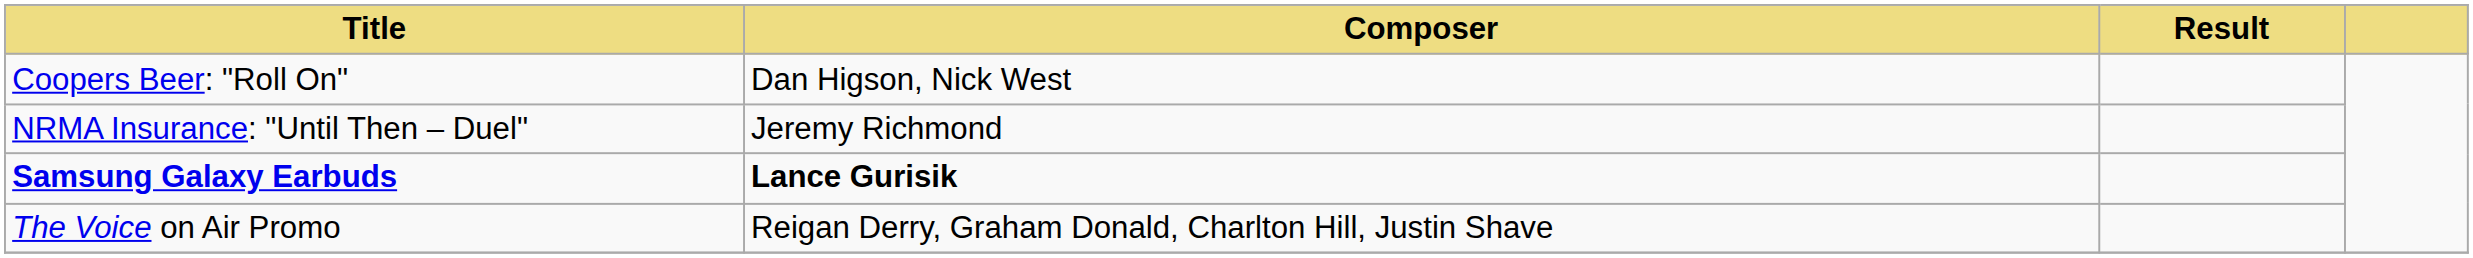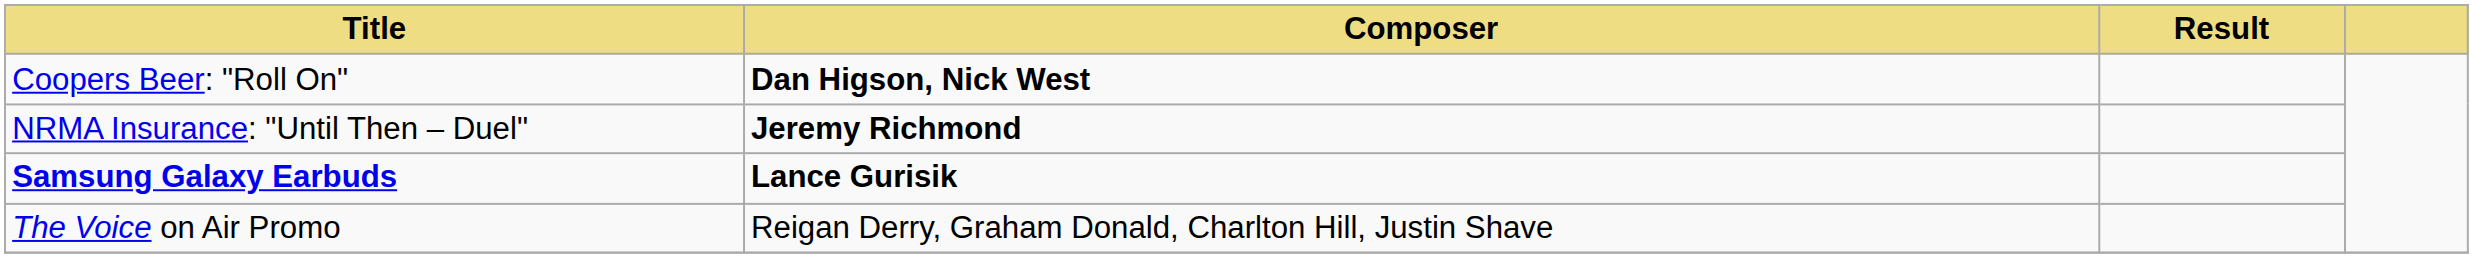 <table class="wikitable" width=100%>
 <tr>
 <th style="width:30%;background:#EEDD82;">Title</th>
 <th style="width:55%;background:#EEDD82;">Composer</th>
 <th style="width:10%;background:#EEDD82;">Result</th>
 <th style="width:5%;background:#EEDD82;"></th>
 </tr>
 <tr>
 <td><a href='#'>Coopers Beer</a>: "Roll On"</td>
-<td>Dan Higson, Nick West</td>
+<td><strong>Dan Higson, Nick West</strong></td>
 <td></td>
 <td rowspan="4"><br></td>
 </tr>
 <tr>
 <td><a href='#'>NRMA Insurance</a>: "Until Then – Duel"</td>
-<td>Jeremy Richmond</td>
+<td><strong>Jeremy Richmond</strong></td>
 <td></td>
 </tr>
 <tr>
 <td><strong><a href='#'>Samsung Galaxy Earbuds</a></strong></td>
 <td><strong>Lance Gurisik</strong></td>
 <td></td>
 </tr>
 <tr>
 <td><em><a href='#'>The Voice</a></em> on Air Promo</td>
 <td>Reigan Derry, Graham Donald, Charlton Hill, Justin Shave</td>
 <td></td>
 </tr>
 <tr>
 </tr>
 </table>
